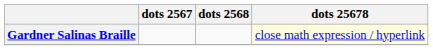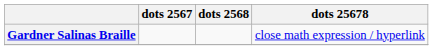 <table class="wikitable">
 <tr>
 <th></th>
 <th>dots 2567</th>
 <th>dots 2568</th>
 <th>dots 25678</th>
 </tr>
 <tr>
 <th align=left><a href='#'>Gardner Salinas Braille</a></th>
 <td></td>
 <td></td>
-<td style="background: lightyellow;"><a href='#'>close math expression / hyperlink</a></td>
+<td><a href='#'>close math expression / hyperlink</a></td>
 </tr>
 <tr>
 </tr>
 <tr>
 </tr>
 </table>
